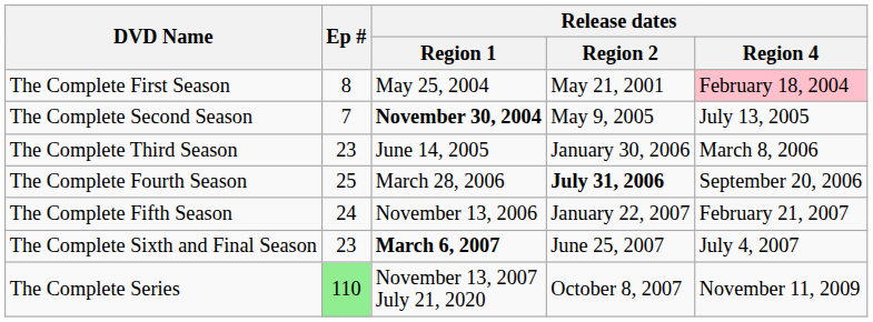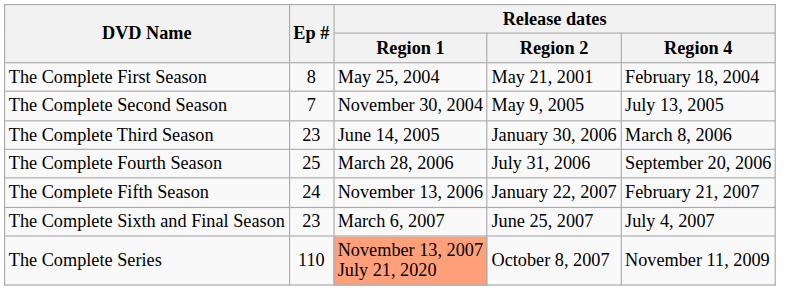 <table class="wikitable">
 <tr>
 <th rowspan="2">DVD Name</th>
 <th rowspan="2">Ep #</th>
 <th colspan="3">Release dates</th>
 </tr>
 <tr>
 <th>Region 1</th>
 <th>Region 2</th>
 <th>Region 4</th>
 </tr>
 <tr>
 <td>The Complete First Season</td>
 <td style="text-align:center;">8</td>
 <td>May 25, 2004</td>
 <td>May 21, 2001</td>
-<td style="background: pink;">February 18, 2004</td>
+<td>February 18, 2004</td>
 </tr>
 <tr>
 <td>The Complete Second Season</td>
 <td style="text-align:center;">7</td>
-<td><strong>November 30, 2004</strong></td>
+<td>November 30, 2004</td>
 <td>May 9, 2005</td>
 <td>July 13, 2005</td>
 </tr>
 <tr>
 <td>The Complete Third Season</td>
 <td style="text-align:center;">23</td>
 <td>June 14, 2005</td>
 <td>January 30, 2006</td>
 <td>March 8, 2006</td>
 </tr>
 <tr>
 <td>The Complete Fourth Season</td>
 <td style="text-align:center;">25</td>
 <td>March 28, 2006</td>
-<td><strong>July 31, 2006</strong></td>
+<td>July 31, 2006</td>
 <td>September 20, 2006</td>
 </tr>
 <tr>
 <td>The Complete Fifth Season</td>
 <td style="text-align:center;">24</td>
 <td>November 13, 2006</td>
 <td>January 22, 2007</td>
 <td>February 21, 2007</td>
 </tr>
 <tr>
 <td>The Complete Sixth and Final Season</td>
 <td style="text-align:center;">23</td>
-<td><strong>March 6, 2007</strong></td>
+<td>March 6, 2007</td>
 <td>June 25, 2007</td>
 <td>July 4, 2007</td>
 </tr>
 <tr>
 <td>The Complete Series</td>
-<td style="background: lightgreen; text-align:center;">110</td>
-<td>November 13, 2007<br>July 21, 2020</td>
+<td style="text-align:center;">110</td>
+<td style="background: lightsalmon;">November 13, 2007<br>July 21, 2020</td>
 <td>October 8, 2007</td>
 <td>November 11, 2009</td>
 </tr>
 </table>
